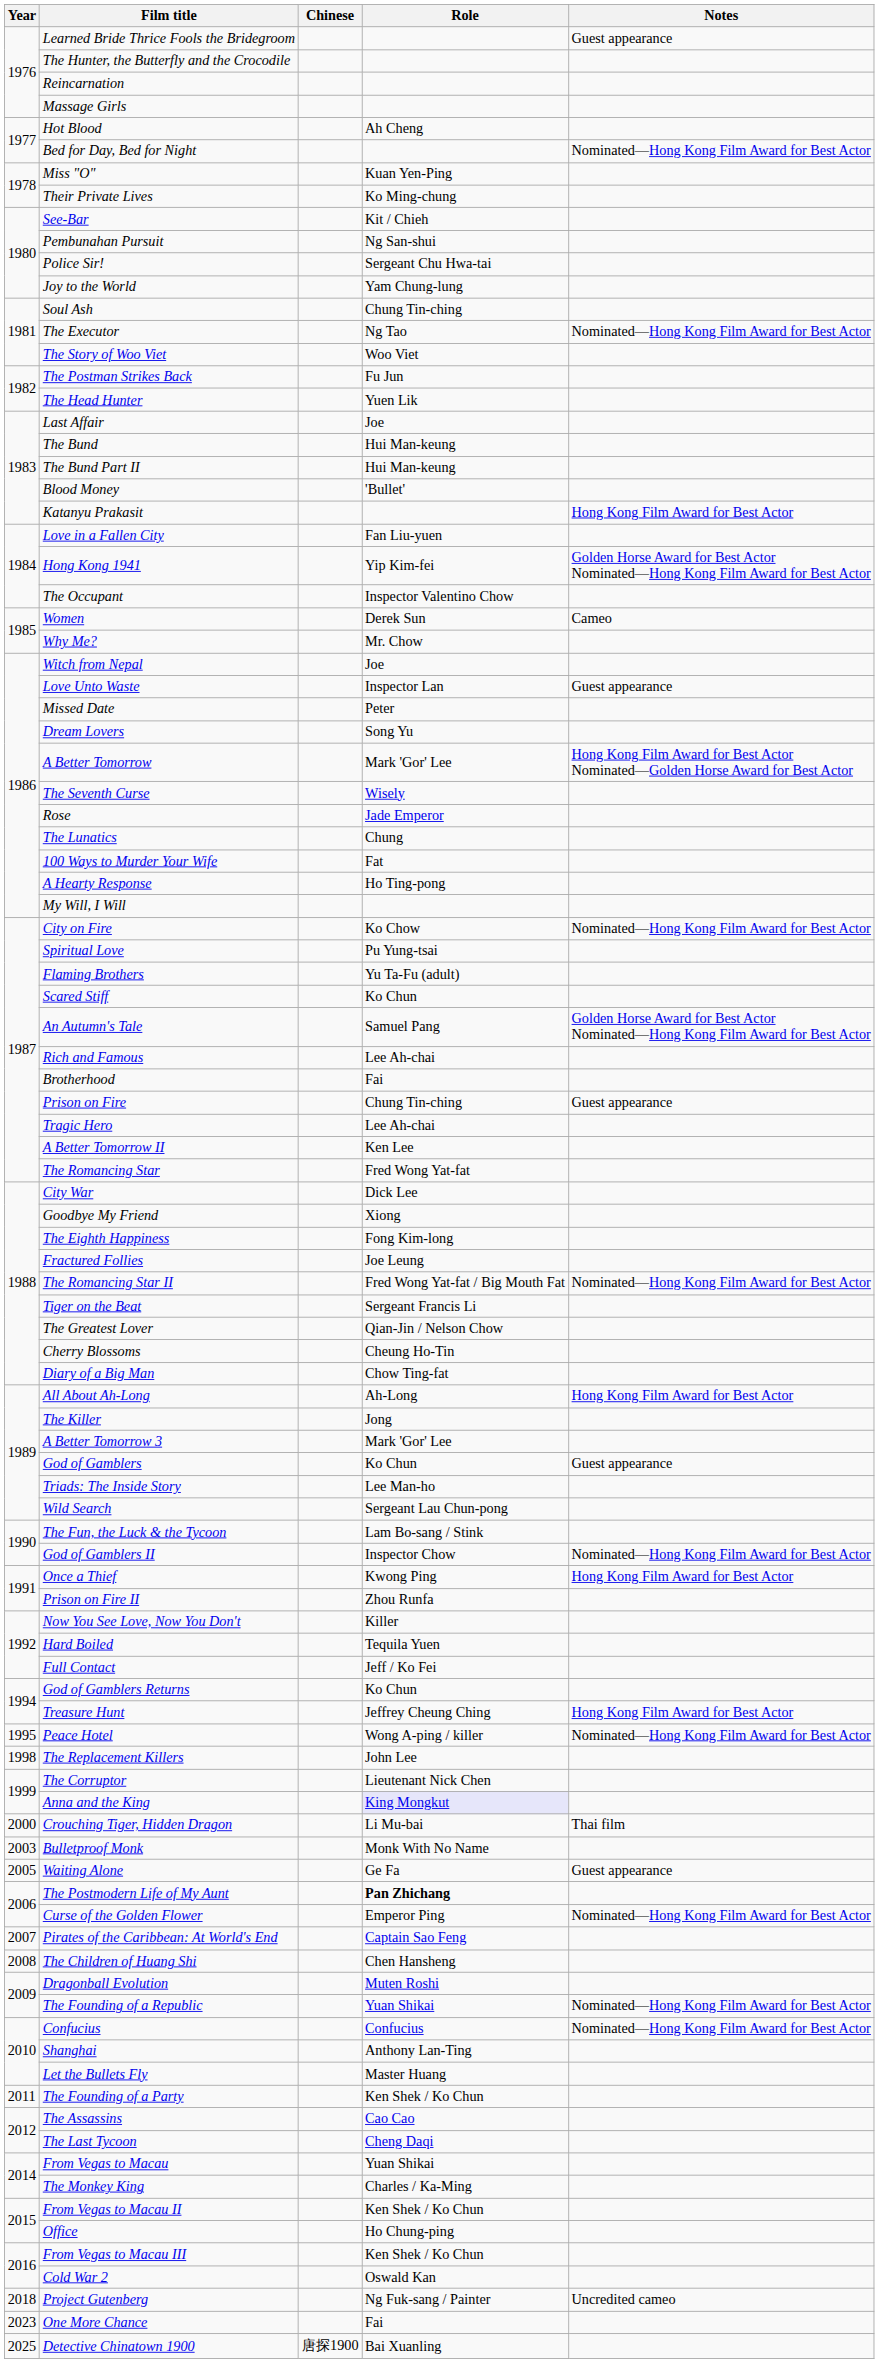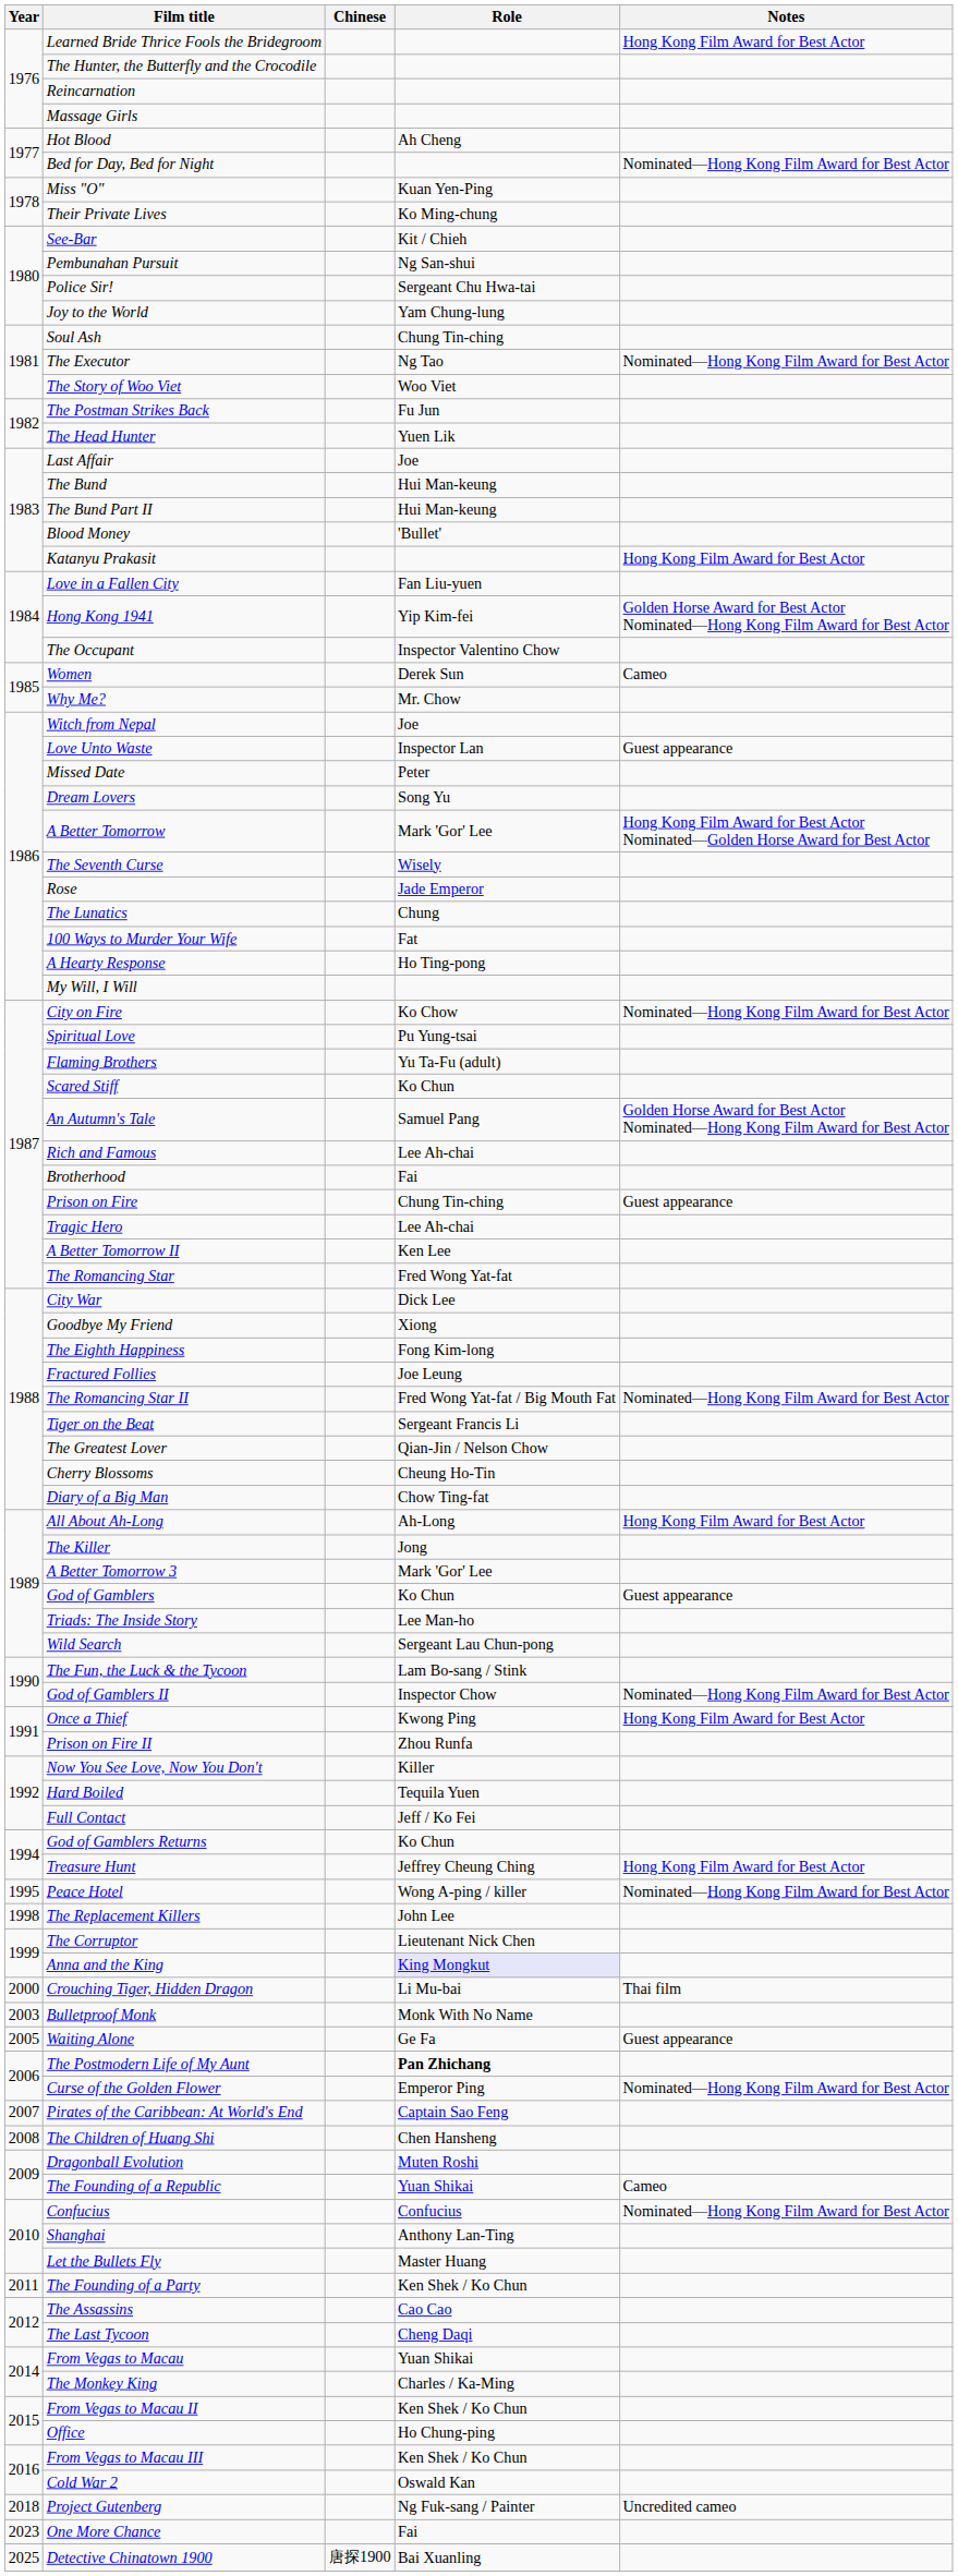 <table class="wikitable sortable">
 <tr>
 <th>Year</th>
 <th>Film title</th>
 <th>Chinese</th>
 <th>Role</th>
 <th class="unsortable">Notes</th>
 </tr>
 <tr>
 <td rowspan="4">1976</td>
 <td><em>Learned Bride Thrice Fools the Bridegroom</em></td>
 <td></td>
 <td></td>
-<td>Guest appearance</td>
+<td><a href='#'>Hong Kong Film Award for Best Actor</a></td>
 </tr>
 <tr>
 <td><em>The Hunter, the Butterfly and the Crocodile</em></td>
 <td></td>
 <td></td>
 <td></td>
 </tr>
 <tr>
 <td><em>Reincarnation</em></td>
 <td></td>
 <td></td>
 <td></td>
 </tr>
 <tr>
 <td><em>Massage Girls</em></td>
 <td></td>
 <td></td>
 <td></td>
 </tr>
 <tr>
 <td rowspan="2">1977</td>
 <td><em>Hot Blood</em></td>
 <td></td>
 <td>Ah Cheng</td>
 <td></td>
 </tr>
 <tr>
 <td><em>Bed for Day, Bed for Night</em></td>
 <td></td>
 <td></td>
 <td>Nominated—<a href='#'>Hong Kong Film Award for Best Actor</a></td>
 </tr>
 <tr>
 <td rowspan="2">1978</td>
 <td><em>Miss "O"</em></td>
 <td></td>
 <td>Kuan Yen-Ping</td>
 <td></td>
 </tr>
 <tr>
 <td><em>Their Private Lives</em></td>
 <td></td>
 <td>Ko Ming-chung</td>
 <td></td>
 </tr>
 <tr>
 <td rowspan="4">1980</td>
 <td><em><a href='#'>See-Bar</a></em></td>
 <td></td>
 <td>Kit / Chieh</td>
 <td></td>
 </tr>
 <tr>
 <td><em>Pembunahan Pursuit</em></td>
 <td></td>
 <td>Ng San-shui</td>
 <td></td>
 </tr>
 <tr>
 <td><em>Police Sir!</em></td>
 <td></td>
 <td>Sergeant Chu Hwa-tai</td>
 <td></td>
 </tr>
 <tr>
 <td><em>Joy to the World</em></td>
 <td></td>
 <td>Yam Chung-lung</td>
 <td></td>
 </tr>
 <tr>
 <td rowspan="3">1981</td>
 <td><em>Soul Ash</em></td>
 <td></td>
 <td>Chung Tin-ching</td>
 <td></td>
 </tr>
 <tr>
 <td><em>The Executor</em></td>
 <td></td>
 <td>Ng Tao</td>
 <td>Nominated—<a href='#'>Hong Kong Film Award for Best Actor</a></td>
 </tr>
 <tr>
 <td><em><a href='#'>The Story of Woo Viet</a></em></td>
 <td></td>
 <td>Woo Viet</td>
 <td></td>
 </tr>
 <tr>
 <td rowspan="2">1982</td>
 <td><em><a href='#'>The Postman Strikes Back</a></em></td>
 <td></td>
 <td>Fu Jun</td>
 <td></td>
 </tr>
 <tr>
 <td><em><a href='#'>The Head Hunter</a></em></td>
 <td></td>
 <td>Yuen Lik</td>
 <td></td>
 </tr>
 <tr>
 <td rowspan="5">1983</td>
 <td><em>Last Affair</em></td>
 <td></td>
 <td>Joe</td>
 <td></td>
 </tr>
 <tr>
 <td><em>The Bund</em></td>
 <td></td>
 <td>Hui Man-keung</td>
 <td></td>
 </tr>
 <tr>
 <td><em>The Bund Part II</em></td>
 <td></td>
 <td>Hui Man-keung</td>
 <td></td>
 </tr>
 <tr>
 <td><em>Blood Money</em></td>
 <td></td>
 <td>'Bullet'</td>
 <td></td>
 </tr>
 <tr>
 <td><em>Katanyu Prakasit</em></td>
 <td></td>
 <td></td>
 <td><a href='#'>Hong Kong Film Award for Best Actor</a></td>
 </tr>
 <tr>
 <td rowspan="3">1984</td>
 <td><em><a href='#'>Love in a Fallen City</a></em></td>
 <td></td>
 <td>Fan Liu-yuen</td>
 <td></td>
 </tr>
 <tr>
 <td><em><a href='#'>Hong Kong 1941</a></em></td>
 <td></td>
 <td>Yip Kim-fei</td>
 <td><a href='#'>Golden Horse Award for Best Actor</a><br>Nominated—<a href='#'>Hong Kong Film Award for Best Actor</a></td>
 </tr>
 <tr>
 <td><em>The Occupant</em></td>
 <td></td>
 <td>Inspector Valentino Chow</td>
 <td></td>
 </tr>
 <tr>
 <td rowspan="2">1985</td>
 <td><em><a href='#'>Women</a></em></td>
 <td></td>
 <td>Derek Sun</td>
 <td>Cameo</td>
 </tr>
 <tr>
 <td><em><a href='#'>Why Me?</a></em></td>
 <td></td>
 <td>Mr. Chow</td>
 <td></td>
 </tr>
 <tr>
 <td rowspan="11">1986</td>
 <td><em><a href='#'>Witch from Nepal</a></em></td>
 <td></td>
 <td>Joe</td>
 <td></td>
 </tr>
 <tr>
 <td><em><a href='#'>Love Unto Waste</a></em></td>
 <td></td>
 <td>Inspector Lan</td>
 <td>Guest appearance</td>
 </tr>
 <tr>
 <td><em>Missed Date</em></td>
 <td></td>
 <td>Peter</td>
 <td></td>
 </tr>
 <tr>
 <td><em><a href='#'>Dream Lovers</a></em></td>
 <td></td>
 <td>Song Yu</td>
 <td></td>
 </tr>
 <tr>
 <td><em><a href='#'>A Better Tomorrow</a></em></td>
 <td></td>
 <td>Mark 'Gor' Lee</td>
 <td><a href='#'>Hong Kong Film Award for Best Actor</a><br>Nominated—<a href='#'>Golden Horse Award for Best Actor</a></td>
 </tr>
 <tr>
 <td><em><a href='#'>The Seventh Curse</a></em></td>
 <td></td>
 <td><a href='#'>Wisely</a></td>
 <td></td>
 </tr>
 <tr 1>
 <td><em>Rose</em></td>
 <td></td>
 <td><a href='#'>Jade Emperor</a></td>
 <td></td>
 </tr>
 <tr>
 <td><em><a href='#'>The Lunatics</a></em></td>
 <td></td>
 <td>Chung</td>
 <td></td>
 </tr>
 <tr>
 <td><em><a href='#'>100 Ways to Murder Your Wife</a></em></td>
 <td></td>
 <td>Fat</td>
 <td></td>
 </tr>
 <tr>
 <td><em><a href='#'>A Hearty Response</a></em></td>
 <td></td>
 <td>Ho Ting-pong</td>
 <td></td>
 </tr>
 <tr>
 <td><em>My Will, I Will</em></td>
 <td></td>
 <td></td>
 <td></td>
 </tr>
 <tr>
 <td rowspan="11">1987</td>
 <td><em><a href='#'>City on Fire</a></em></td>
 <td></td>
 <td>Ko Chow</td>
 <td>Nominated—<a href='#'>Hong Kong Film Award for Best Actor</a></td>
 </tr>
 <tr>
 <td><em><a href='#'>Spiritual Love</a></em></td>
 <td></td>
 <td>Pu Yung-tsai</td>
 <td></td>
 </tr>
 <tr>
 <td><em><a href='#'>Flaming Brothers</a></em></td>
 <td></td>
 <td>Yu Ta-Fu (adult)</td>
 <td></td>
 </tr>
 <tr>
 <td><em><a href='#'>Scared Stiff</a></em></td>
 <td></td>
 <td>Ko Chun</td>
 <td></td>
 </tr>
 <tr>
 <td><em><a href='#'>An Autumn's Tale</a></em></td>
 <td></td>
 <td>Samuel Pang</td>
 <td><a href='#'>Golden Horse Award for Best Actor</a><br>Nominated—<a href='#'>Hong Kong Film Award for Best Actor</a></td>
 </tr>
 <tr>
 <td><em><a href='#'>Rich and Famous</a></em></td>
 <td></td>
 <td>Lee Ah-chai</td>
 <td></td>
 </tr>
 <tr>
 <td><em>Brotherhood</em></td>
 <td></td>
 <td>Fai</td>
 <td></td>
 </tr>
 <tr>
 <td><em><a href='#'>Prison on Fire</a></em></td>
 <td></td>
 <td>Chung Tin-ching</td>
 <td>Guest appearance</td>
 </tr>
 <tr>
 <td><em><a href='#'>Tragic Hero</a></em></td>
 <td></td>
 <td>Lee Ah-chai</td>
 <td></td>
 </tr>
 <tr>
 <td><em><a href='#'>A Better Tomorrow II</a></em></td>
 <td></td>
 <td>Ken Lee</td>
 <td></td>
 </tr>
 <tr>
 <td><em><a href='#'>The Romancing Star</a></em></td>
 <td></td>
 <td>Fred Wong Yat-fat</td>
 <td></td>
 </tr>
 <tr>
 <td rowspan="9">1988</td>
 <td><em><a href='#'>City War</a></em></td>
 <td></td>
 <td>Dick Lee</td>
 <td></td>
 </tr>
 <tr>
 <td><em>Goodbye My Friend</em></td>
 <td></td>
 <td>Xiong</td>
 <td></td>
 </tr>
 <tr>
 <td><em><a href='#'>The Eighth Happiness</a></em></td>
 <td></td>
 <td>Fong Kim-long</td>
 <td></td>
 </tr>
 <tr>
 <td><em><a href='#'>Fractured Follies</a></em></td>
 <td></td>
 <td>Joe Leung</td>
 <td></td>
 </tr>
 <tr>
 <td><em><a href='#'>The Romancing Star II</a></em></td>
 <td></td>
 <td>Fred Wong Yat-fat / Big Mouth Fat</td>
 <td>Nominated—<a href='#'>Hong Kong Film Award for Best Actor</a></td>
 </tr>
 <tr>
 <td><em><a href='#'>Tiger on the Beat</a></em></td>
 <td></td>
 <td>Sergeant Francis Li</td>
 <td></td>
 </tr>
 <tr>
 <td><em>The Greatest Lover</em></td>
 <td></td>
 <td>Qian-Jin / Nelson Chow</td>
 <td></td>
 </tr>
 <tr>
 <td><em>Cherry Blossoms</em></td>
 <td></td>
 <td>Cheung Ho-Tin</td>
 <td></td>
 </tr>
 <tr>
 <td><em><a href='#'>Diary of a Big Man</a></em></td>
 <td></td>
 <td>Chow Ting-fat</td>
 <td></td>
 </tr>
 <tr>
 <td rowspan="6">1989</td>
 <td><em><a href='#'>All About Ah-Long</a></em></td>
 <td></td>
 <td>Ah-Long</td>
 <td><a href='#'>Hong Kong Film Award for Best Actor</a></td>
 </tr>
 <tr>
 <td><em><a href='#'>The Killer</a></em></td>
 <td></td>
 <td>Jong</td>
 <td></td>
 </tr>
 <tr>
 <td><em><a href='#'>A Better Tomorrow 3</a></em></td>
 <td></td>
 <td>Mark 'Gor' Lee</td>
 <td></td>
 </tr>
 <tr>
 <td><em><a href='#'>God of Gamblers</a></em></td>
 <td></td>
 <td>Ko Chun</td>
 <td>Guest appearance</td>
 </tr>
 <tr>
 <td><em><a href='#'>Triads: The Inside Story</a></em></td>
 <td></td>
 <td>Lee Man-ho</td>
 <td></td>
 </tr>
 <tr>
 <td><em><a href='#'>Wild Search</a></em></td>
 <td></td>
 <td>Sergeant Lau Chun-pong</td>
 <td></td>
 </tr>
 <tr>
 <td rowspan="2">1990</td>
 <td><em><a href='#'>The Fun, the Luck & the Tycoon</a></em></td>
 <td></td>
 <td>Lam Bo-sang / Stink</td>
 <td></td>
 </tr>
 <tr>
 <td><em><a href='#'>God of Gamblers II</a></em></td>
 <td></td>
 <td>Inspector Chow</td>
 <td>Nominated—<a href='#'>Hong Kong Film Award for Best Actor</a></td>
 </tr>
 <tr>
 <td rowspan="2">1991</td>
 <td><em><a href='#'>Once a Thief</a></em></td>
 <td></td>
 <td>Kwong Ping</td>
 <td><a href='#'>Hong Kong Film Award for Best Actor</a></td>
 </tr>
 <tr>
 <td><em><a href='#'>Prison on Fire II</a></em></td>
 <td></td>
 <td>Zhou Runfa</td>
 <td></td>
 </tr>
 <tr>
 <td rowspan="3">1992</td>
 <td><em><a href='#'>Now You See Love, Now You Don't</a></em></td>
 <td></td>
 <td>Killer</td>
 <td></td>
 </tr>
 <tr>
 <td><em><a href='#'>Hard Boiled</a></em></td>
 <td></td>
 <td>Tequila Yuen</td>
 <td></td>
 </tr>
 <tr>
 <td><em><a href='#'>Full Contact</a></em></td>
 <td></td>
 <td>Jeff / Ko Fei</td>
 <td></td>
 </tr>
 <tr>
 <td rowspan="2">1994</td>
 <td><em><a href='#'>God of Gamblers Returns</a></em></td>
 <td></td>
 <td>Ko Chun</td>
 <td></td>
 </tr>
 <tr>
 <td><em><a href='#'>Treasure Hunt</a></em></td>
 <td></td>
 <td>Jeffrey Cheung Ching</td>
 <td><a href='#'>Hong Kong Film Award for Best Actor</a></td>
 </tr>
 <tr>
 <td rowspan="1">1995</td>
 <td><em><a href='#'>Peace Hotel</a></em></td>
 <td></td>
 <td>Wong A-ping / killer</td>
 <td>Nominated—<a href='#'>Hong Kong Film Award for Best Actor</a></td>
 </tr>
 <tr>
 <td rowspan="1">1998</td>
 <td><em><a href='#'>The Replacement Killers</a></em></td>
 <td></td>
 <td>John Lee</td>
 <td></td>
 </tr>
 <tr>
 <td rowspan="2">1999</td>
 <td><em><a href='#'>The Corruptor</a></em></td>
 <td></td>
 <td>Lieutenant Nick Chen</td>
 <td></td>
 </tr>
 <tr>
 <td><em><a href='#'>Anna and the King</a></em></td>
 <td></td>
 <td style="background: lavender;"><a href='#'>King Mongkut</a></td>
 <td></td>
 </tr>
 <tr>
 <td rowspan="1">2000</td>
 <td><em><a href='#'>Crouching Tiger, Hidden Dragon</a></em></td>
 <td></td>
 <td>Li Mu-bai</td>
 <td>Thai film</td>
 </tr>
 <tr>
 <td rowspan="1">2003</td>
 <td><em><a href='#'>Bulletproof Monk</a></em></td>
 <td></td>
 <td>Monk With No Name</td>
 <td></td>
 </tr>
 <tr>
 <td rowspan="1">2005</td>
 <td><em><a href='#'>Waiting Alone</a></em></td>
 <td></td>
 <td>Ge Fa</td>
 <td>Guest appearance</td>
 </tr>
 <tr>
 <td rowspan="2">2006</td>
 <td><em><a href='#'>The Postmodern Life of My Aunt</a></em></td>
 <td></td>
 <td><strong>Pan Zhichang</strong></td>
 <td></td>
 </tr>
 <tr>
 <td><em><a href='#'>Curse of the Golden Flower</a></em></td>
 <td></td>
 <td>Emperor Ping</td>
 <td>Nominated—<a href='#'>Hong Kong Film Award for Best Actor</a></td>
 </tr>
 <tr>
 <td rowspan="1">2007</td>
 <td><em><a href='#'>Pirates of the Caribbean: At World's End</a></em></td>
 <td></td>
 <td><a href='#'>Captain Sao Feng</a></td>
 <td></td>
 </tr>
 <tr>
 <td rowspan="1">2008</td>
 <td><em><a href='#'>The Children of Huang Shi</a></em></td>
 <td></td>
 <td>Chen Hansheng</td>
 <td></td>
 </tr>
 <tr>
 <td rowspan="2">2009</td>
 <td><em><a href='#'>Dragonball Evolution</a></em></td>
 <td></td>
 <td><a href='#'>Muten Roshi</a></td>
 <td></td>
 </tr>
 <tr>
 <td><em><a href='#'>The Founding of a Republic</a></em></td>
 <td></td>
 <td><a href='#'>Yuan Shikai</a></td>
-<td>Nominated—<a href='#'>Hong Kong Film Award for Best Actor</a></td>
+<td>Cameo</td>
 </tr>
 <tr>
 <td rowspan="3">2010</td>
 <td><em><a href='#'>Confucius</a></em></td>
 <td></td>
 <td><a href='#'>Confucius</a></td>
 <td>Nominated—<a href='#'>Hong Kong Film Award for Best Actor</a></td>
 </tr>
 <tr>
 <td><em><a href='#'>Shanghai</a></em></td>
 <td></td>
 <td>Anthony Lan-Ting</td>
 <td></td>
 </tr>
 <tr>
 <td><em><a href='#'>Let the Bullets Fly</a></em></td>
 <td></td>
 <td>Master Huang</td>
 <td></td>
 </tr>
 <tr>
 <td>2011</td>
 <td><em><a href='#'>The Founding of a Party</a></em></td>
 <td></td>
 <td>Ken Shek / Ko Chun</td>
 <td></td>
 </tr>
 <tr>
 <td rowspan=2>2012</td>
 <td><em><a href='#'>The Assassins</a></em></td>
 <td></td>
 <td><a href='#'>Cao Cao</a></td>
 <td></td>
 </tr>
 <tr>
 <td><em><a href='#'>The Last Tycoon</a></em></td>
 <td></td>
 <td><a href='#'>Cheng Daqi</a></td>
 <td></td>
 </tr>
 <tr>
 <td rowspan=2>2014</td>
 <td><em><a href='#'>From Vegas to Macau</a></em></td>
 <td></td>
 <td>Yuan Shikai</td>
 <td></td>
 </tr>
 <tr>
 <td><em><a href='#'>The Monkey King</a></em></td>
 <td></td>
 <td>Charles / Ka-Ming</td>
 <td></td>
 </tr>
 <tr>
 <td rowspan=2>2015</td>
 <td><em><a href='#'>From Vegas to Macau II</a></em></td>
 <td></td>
 <td>Ken Shek / Ko Chun</td>
 <td></td>
 </tr>
 <tr>
 <td><em><a href='#'>Office</a></em></td>
 <td></td>
 <td>Ho Chung-ping</td>
 <td></td>
 </tr>
 <tr>
 <td rowspan=2>2016</td>
 <td><em><a href='#'>From Vegas to Macau III</a></em></td>
 <td></td>
 <td>Ken Shek / Ko Chun</td>
 <td></td>
 </tr>
 <tr>
 <td><em><a href='#'>Cold War 2</a></em></td>
 <td></td>
 <td>Oswald Kan</td>
 <td></td>
 </tr>
 <tr>
 <td>2018</td>
 <td><em><a href='#'>Project Gutenberg</a></em></td>
 <td></td>
 <td>Ng Fuk-sang / Painter</td>
 <td>Uncredited cameo</td>
 </tr>
 <tr>
 <td>2023</td>
 <td><em><a href='#'>One More Chance</a></em></td>
 <td></td>
 <td>Fai</td>
 <td></td>
 </tr>
 <tr>
 <td>2025</td>
 <td><em><a href='#'>Detective Chinatown 1900</a></em></td>
 <td>唐探1900</td>
 <td>Bai Xuanling</td>
 <td></td>
 </tr>
 </table>
